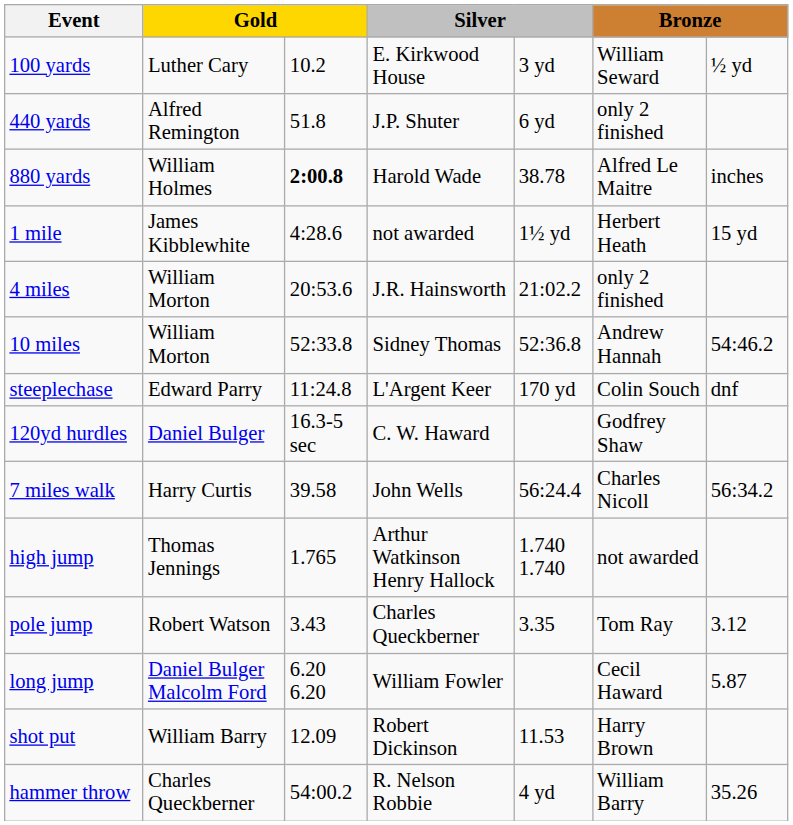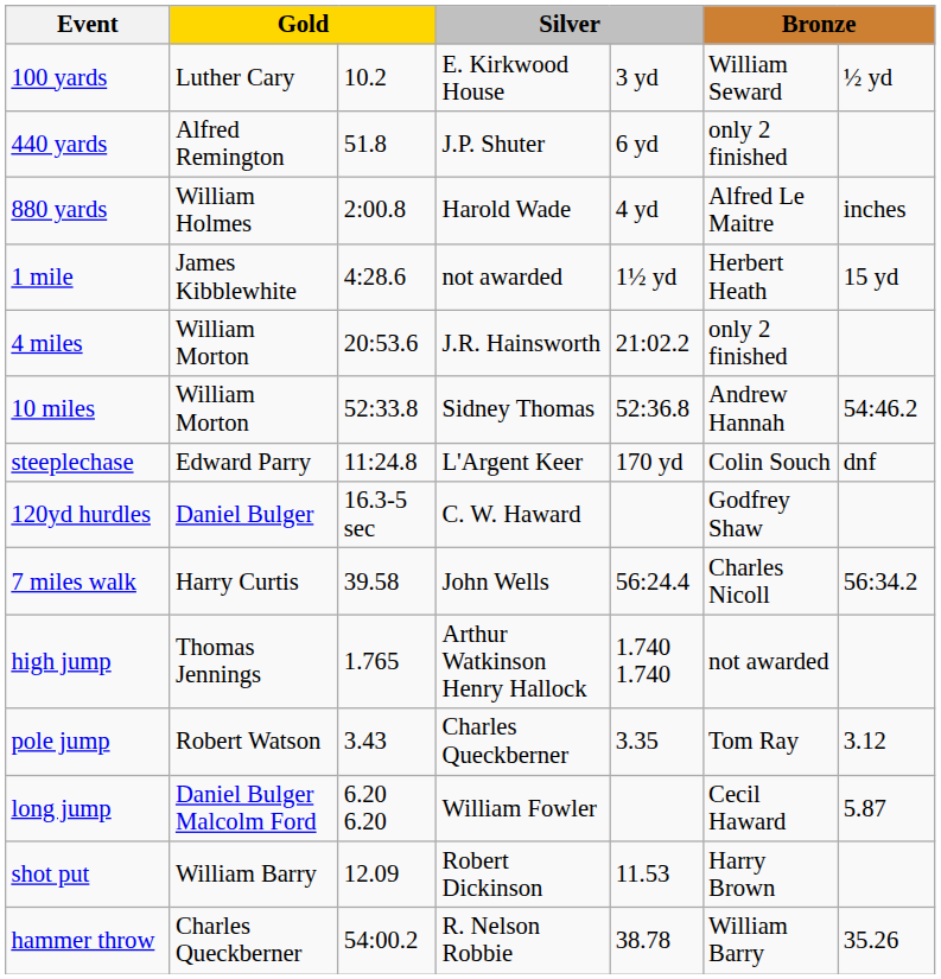 <table class="wikitable" style="text-align:left">
 <tr>
 <th width=100>Event</th>
 <th colspan="2" width="280" style="background:gold;">Gold</th>
 <th colspan="2" width="280" style="background:silver;">Silver</th>
 <th colspan="2" width="280" style="background:#CD7F32;">Bronze</th>
 </tr>
 <tr>
 <td><a href='#'>100 yards</a></td>
 <td> 	Luther Cary</td>
 <td>10.2</td>
 <td>E. Kirkwood House</td>
 <td>3 yd</td>
 <td>William Seward</td>
 <td>½ yd</td>
 </tr>
 <tr>
 <td><a href='#'>440 yards</a></td>
 <td> Alfred Remington</td>
 <td>51.8</td>
 <td>J.P. Shuter</td>
 <td>6 yd</td>
 <td>only 2 finished</td>
 <td></td>
 </tr>
 <tr>
 <td><a href='#'>880 yards</a></td>
 <td>William Holmes</td>
-<td><strong>2:00.8</strong></td>
+<td>2:00.8</td>
 <td>Harold Wade</td>
-<td>38.78</td>
+<td>4 yd</td>
 <td>Alfred Le Maitre</td>
 <td>inches</td>
 </tr>
 <tr>
 <td><a href='#'>1 mile</a></td>
 <td>James Kibblewhite</td>
 <td>4:28.6</td>
 <td>not awarded</td>
 <td>1½ yd</td>
 <td>Herbert Heath</td>
 <td>15 yd</td>
 </tr>
 <tr>
 <td><a href='#'>4 miles</a></td>
 <td>William Morton</td>
 <td>20:53.6</td>
 <td>J.R. Hainsworth</td>
 <td>21:02.2</td>
 <td>only 2 finished</td>
 <td></td>
 </tr>
 <tr>
 <td><a href='#'>10 miles</a></td>
 <td>William Morton</td>
 <td>52:33.8</td>
 <td>Sidney Thomas</td>
 <td>52:36.8</td>
 <td> Andrew Hannah</td>
 <td>54:46.2</td>
 </tr>
 <tr>
 <td><a href='#'>steeplechase</a></td>
 <td>Edward Parry</td>
 <td>11:24.8</td>
 <td>L'Argent Keer</td>
 <td>170 yd</td>
 <td>Colin Souch</td>
 <td>dnf</td>
 </tr>
 <tr>
 <td><a href='#'>120yd hurdles</a></td>
 <td> <a href='#'>Daniel Bulger</a></td>
 <td>16.3-5 sec</td>
 <td>C. W. Haward</td>
 <td></td>
 <td>Godfrey Shaw</td>
 <td></td>
 </tr>
 <tr>
 <td><a href='#'>7 miles walk</a></td>
 <td>Harry Curtis</td>
 <td>39.58</td>
 <td>John Wells</td>
 <td>56:24.4</td>
 <td> Charles Nicoll</td>
 <td>56:34.2</td>
 </tr>
 <tr>
 <td><a href='#'>high jump</a></td>
 <td>Thomas Jennings</td>
 <td>1.765</td>
 <td>Arthur Watkinson <br> Henry Hallock</td>
 <td>1.740<br>1.740</td>
 <td>not awarded</td>
 </tr>
 <tr>
 <td><a href='#'>pole jump</a></td>
 <td>Robert Watson</td>
 <td>3.43</td>
 <td> Charles Queckberner</td>
 <td>3.35</td>
 <td>Tom Ray</td>
 <td>3.12</td>
 </tr>
 <tr>
 <td><a href='#'>long jump</a></td>
 <td> <a href='#'>Daniel Bulger</a> <br> <a href='#'>Malcolm Ford</a></td>
 <td>6.20<br>6.20</td>
 <td>William Fowler</td>
 <td></td>
 <td>Cecil Haward</td>
 <td>5.87</td>
 </tr>
 <tr>
 <td><a href='#'>shot put</a></td>
 <td> William Barry</td>
 <td>12.09</td>
 <td>Robert Dickinson</td>
 <td>11.53</td>
 <td>Harry Brown</td>
 <td></td>
 </tr>
 <tr>
 <td><a href='#'>hammer throw</a></td>
 <td> Charles Queckberner</td>
 <td>54:00.2</td>
 <td> R. Nelson Robbie</td>
-<td>4 yd</td>
+<td>38.78</td>
 <td> William Barry</td>
 <td>35.26</td>
 </tr>
 </table>
